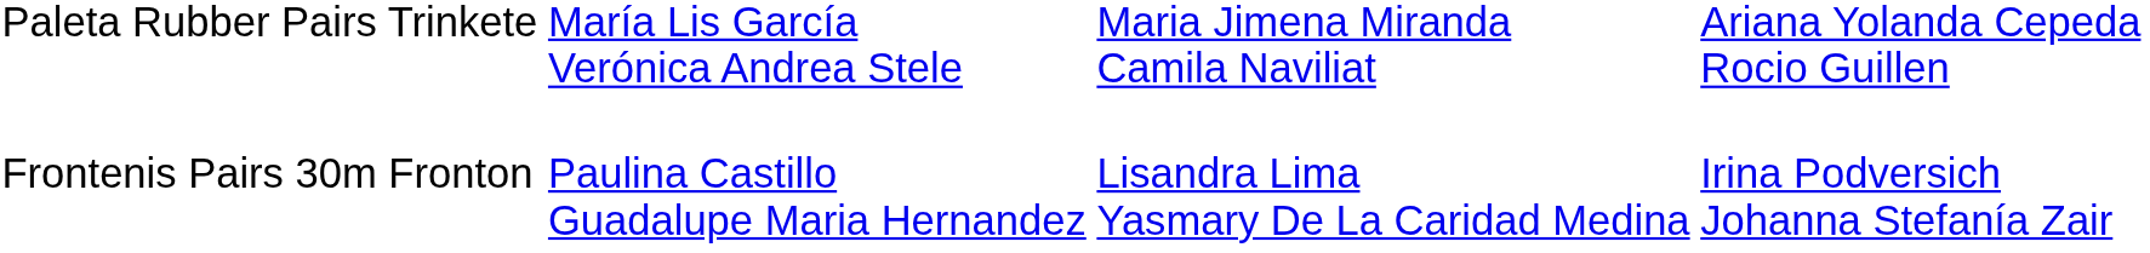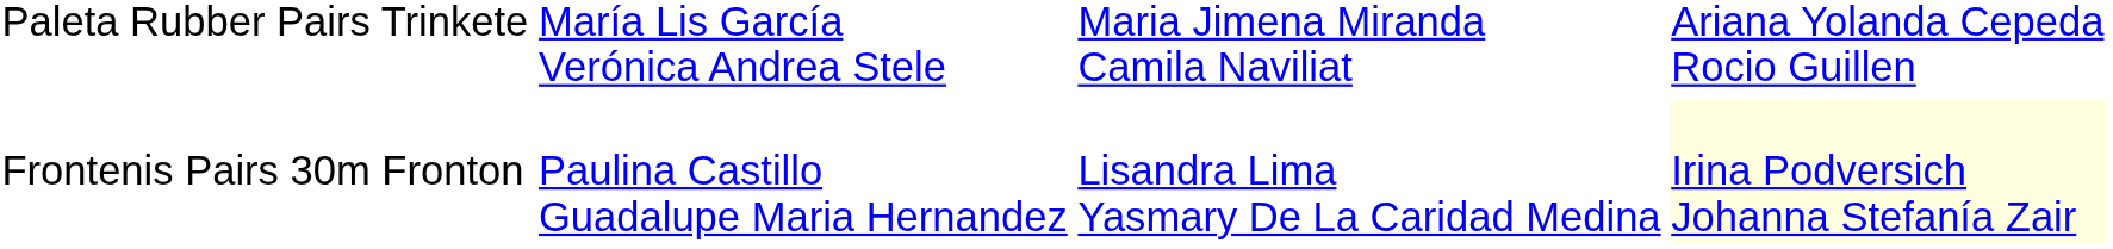 <table>
 <tr>
 <td>Paleta Rubber Pairs Trinkete<br></td>
 <td><br><a href='#'>María Lis García</a><br><a href='#'>Verónica Andrea Stele</a></td>
 <td><br><a href='#'>Maria Jimena Miranda</a><br><a href='#'>Camila Naviliat</a></td>
 <td><br><a href='#'>Ariana Yolanda Cepeda</a><br><a href='#'>Rocio Guillen</a></td>
 </tr>
 <tr>
 <td>Frontenis Pairs 30m Fronton<br></td>
 <td><br><a href='#'>Paulina Castillo</a><br><a href='#'>Guadalupe Maria Hernandez</a></td>
 <td><br><a href='#'>Lisandra Lima</a><br><a href='#'>Yasmary De La Caridad Medina</a></td>
-<td><br><a href='#'>Irina Podversich</a><br><a href='#'>Johanna Stefanía Zair</a></td>
+<td style="background: lightyellow;"><br><a href='#'>Irina Podversich</a><br><a href='#'>Johanna Stefanía Zair</a></td>
 </tr>
 </table>
